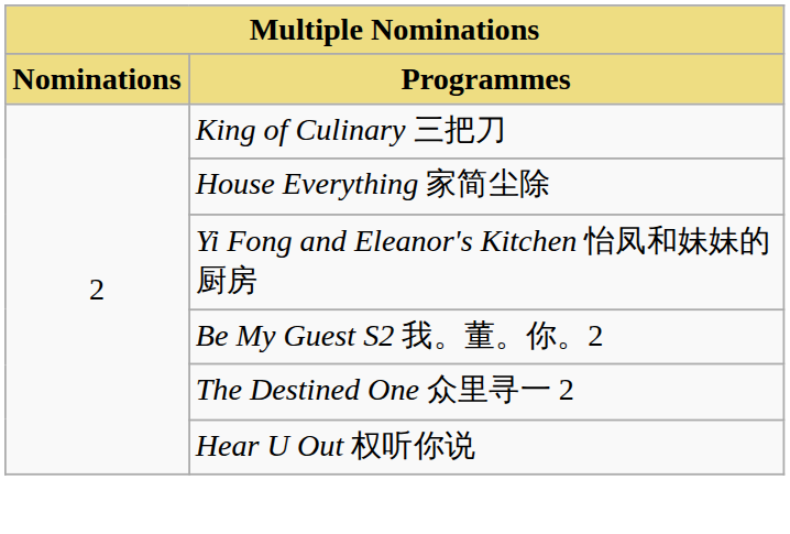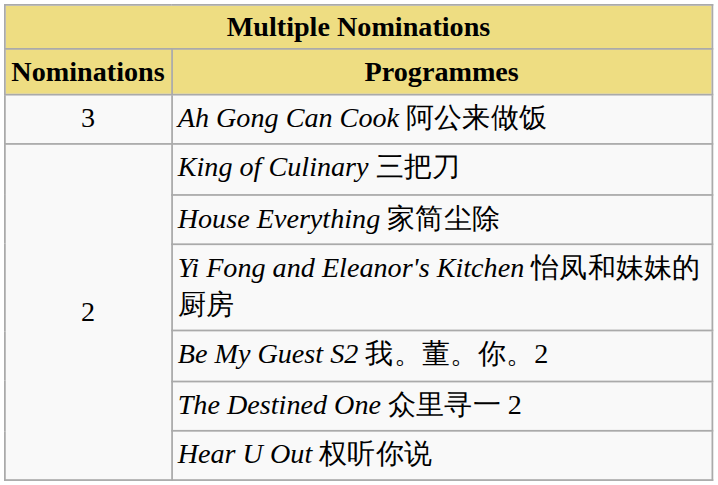 <table class="wikitable">
 <tr>
 <th colspan=2 align=center style="background:#EEDD82">Multiple Nominations</th>
 </tr>
 <tr>
 <th scope="col" style="background-color:#EEDD82 ;width:050px;">Nominations</th>
 <th scope="col" style="background-color:#EEDD82 ;width:300px;">Programmes</th>
+</tr>
+<tr>
+<td style="text-align:center">3</td>
+<td><em>Ah Gong Can Cook</em> 阿公来做饭</td>
 </tr>
 <tr>
 <td rowspan="6" style="text-align:center">2</td>
 <td><em>King of Culinary</em> 三把刀</td>
 </tr>
 <tr>
 <td><em>House Everything</em> 家简尘除</td>
 </tr>
 <tr>
 <td><em>Yi Fong and Eleanor's Kitchen</em> 怡凤和妹妹的厨房</td>
 </tr>
 <tr>
 <td><em>Be My Guest S2</em> 我。董。你。2</td>
 </tr>
 <tr>
 <td><em>The Destined One</em> 众里寻一 2</td>
 </tr>
 <tr>
 <td><em>Hear U Out</em> 权听你说</td>
 </tr>
 </table>
